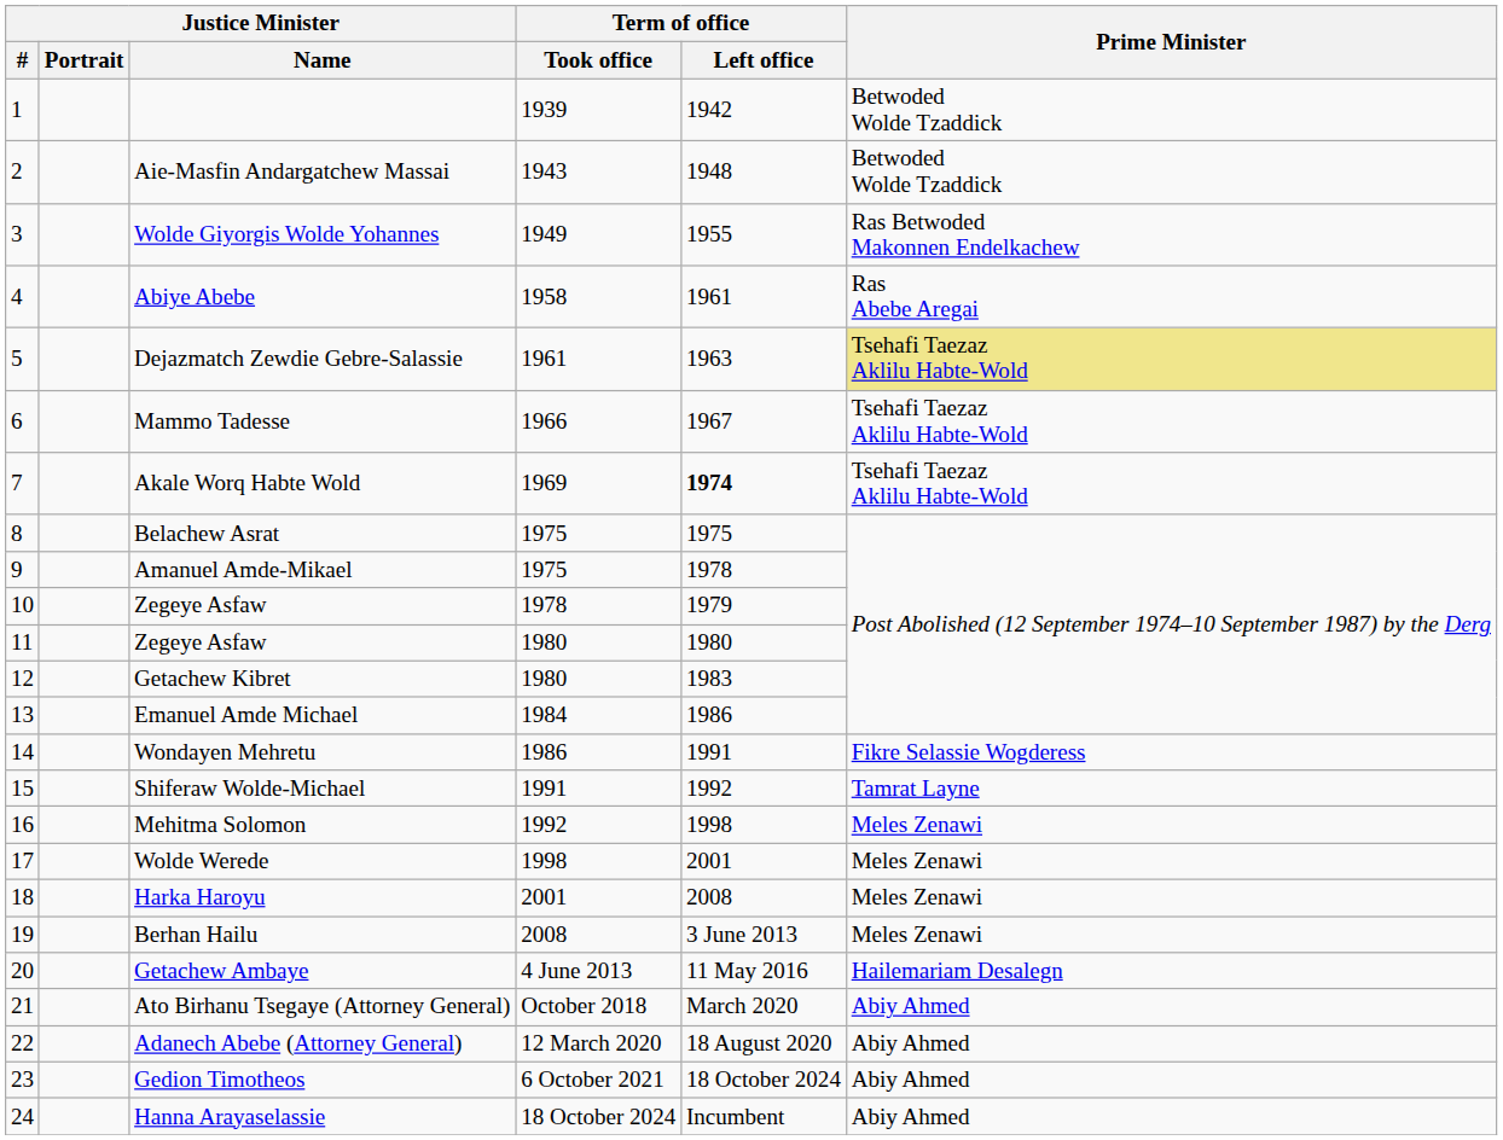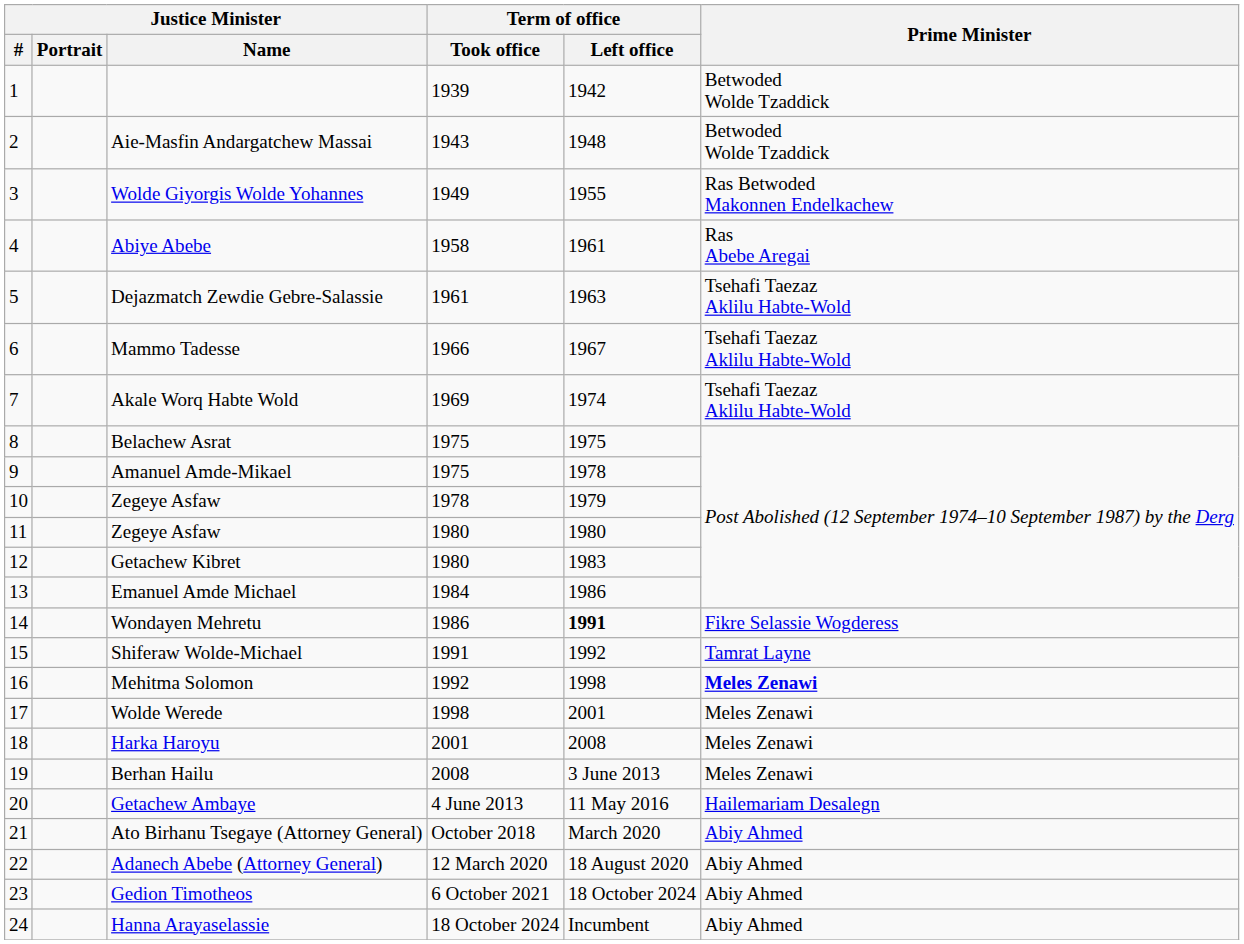 <table class="wikitable">
 <tr>
 <th colspan="3">Justice Minister</th>
 <th colspan="2">Term of office</th>
 <th rowspan="2">Prime Minister</th>
 </tr>
 <tr>
 <th>#</th>
 <th>Portrait</th>
 <th>Name</th>
 <th>Took office</th>
 <th>Left office</th>
 </tr>
 <tr>
 <td>1</td>
 <td></td>
 <td></td>
 <td>1939</td>
 <td>1942</td>
 <td>Betwoded<br>Wolde Tzaddick</td>
 </tr>
 <tr>
 <td>2</td>
 <td></td>
 <td>Aie-Masfin Andargatchew Massai</td>
 <td>1943</td>
 <td>1948</td>
 <td>Betwoded<br>Wolde Tzaddick</td>
 </tr>
 <tr>
 <td>3</td>
 <td></td>
 <td><a href='#'>Wolde Giyorgis Wolde Yohannes</a></td>
 <td>1949</td>
 <td>1955</td>
 <td>Ras Betwoded<br><a href='#'>Makonnen Endelkachew</a></td>
 </tr>
 <tr>
 <td>4</td>
 <td></td>
 <td><a href='#'>Abiye Abebe</a></td>
 <td>1958</td>
 <td>1961</td>
 <td>Ras<br><a href='#'>Abebe Aregai</a></td>
 </tr>
 <tr>
 <td>5</td>
 <td></td>
 <td>Dejazmatch Zewdie Gebre-Salassie</td>
 <td>1961</td>
 <td>1963</td>
-<td style="background: khaki;">Tsehafi Taezaz<br><a href='#'>Aklilu Habte-Wold</a></td>
+<td>Tsehafi Taezaz<br><a href='#'>Aklilu Habte-Wold</a></td>
 </tr>
 <tr>
 <td>6</td>
 <td></td>
 <td>Mammo Tadesse</td>
 <td>1966</td>
 <td>1967</td>
 <td>Tsehafi Taezaz<br><a href='#'>Aklilu Habte-Wold</a></td>
 </tr>
 <tr>
 <td>7</td>
 <td></td>
 <td>Akale Worq Habte Wold</td>
 <td>1969</td>
-<td><strong>1974</strong></td>
+<td>1974</td>
 <td>Tsehafi Taezaz<br><a href='#'>Aklilu Habte-Wold</a></td>
 </tr>
 <tr>
 <td>8</td>
 <td></td>
 <td>Belachew Asrat</td>
 <td>1975</td>
 <td>1975</td>
 <td rowspan="6"><em>Post Abolished (12 September 1974–10 September 1987) by the <a href='#'>Derg</a></em></td>
 </tr>
 <tr>
 <td>9</td>
 <td></td>
 <td>Amanuel Amde-Mikael</td>
 <td>1975</td>
 <td>1978</td>
 </tr>
 <tr>
 <td>10</td>
 <td></td>
 <td>Zegeye Asfaw</td>
 <td>1978</td>
 <td>1979</td>
 </tr>
 <tr>
 <td>11</td>
 <td></td>
 <td>Zegeye Asfaw</td>
 <td>1980</td>
 <td>1980</td>
 </tr>
 <tr>
 <td>12</td>
 <td></td>
 <td>Getachew Kibret</td>
 <td>1980</td>
 <td>1983</td>
 </tr>
 <tr>
 <td>13</td>
 <td></td>
 <td>Emanuel Amde Michael</td>
 <td>1984</td>
 <td>1986</td>
 </tr>
 <tr>
 <td>14</td>
 <td></td>
 <td>Wondayen Mehretu</td>
 <td>1986</td>
-<td>1991</td>
+<td><strong>1991</strong></td>
 <td><a href='#'>Fikre Selassie Wogderess</a></td>
 </tr>
 <tr>
 <td>15</td>
 <td></td>
 <td>Shiferaw Wolde-Michael</td>
 <td>1991</td>
 <td>1992</td>
 <td><a href='#'>Tamrat Layne</a></td>
 </tr>
 <tr>
 <td>16</td>
 <td></td>
 <td>Mehitma Solomon</td>
 <td>1992</td>
 <td>1998</td>
-<td><a href='#'>Meles Zenawi</a></td>
+<td><strong><a href='#'>Meles Zenawi</a></strong></td>
 </tr>
 <tr>
 <td>17</td>
 <td></td>
 <td>Wolde Werede</td>
 <td>1998</td>
 <td>2001</td>
 <td>Meles Zenawi</td>
 </tr>
 <tr>
 <td>18</td>
 <td></td>
 <td><a href='#'>Harka Haroyu</a></td>
 <td>2001</td>
 <td>2008</td>
 <td>Meles Zenawi</td>
 </tr>
 <tr>
 <td>19</td>
 <td></td>
 <td>Berhan Hailu</td>
 <td>2008</td>
 <td>3 June 2013</td>
 <td>Meles Zenawi</td>
 </tr>
 <tr>
 <td>20</td>
 <td></td>
 <td><a href='#'>Getachew Ambaye</a></td>
 <td>4 June 2013</td>
 <td>11 May 2016</td>
 <td><a href='#'>Hailemariam Desalegn</a></td>
 </tr>
 <tr>
 <td>21</td>
 <td></td>
 <td>Ato Birhanu Tsegaye (Attorney General)</td>
 <td>October 2018</td>
 <td>March 2020</td>
 <td><a href='#'>Abiy Ahmed</a></td>
 </tr>
 <tr>
 <td>22</td>
 <td></td>
 <td><a href='#'>Adanech Abebe</a> (<a href='#'>Attorney General</a>)</td>
 <td>12 March 2020</td>
 <td>18 August 2020</td>
 <td>Abiy Ahmed</td>
 </tr>
 <tr>
 <td>23</td>
 <td></td>
 <td><a href='#'>Gedion Timotheos</a></td>
 <td>6 October 2021</td>
 <td>18 October 2024</td>
 <td>Abiy Ahmed</td>
 </tr>
 <tr>
 <td>24</td>
 <td></td>
 <td><a href='#'>Hanna Arayaselassie</a></td>
 <td>18 October 2024</td>
 <td>Incumbent</td>
 <td>Abiy Ahmed</td>
 </tr>
 </table>
